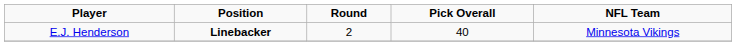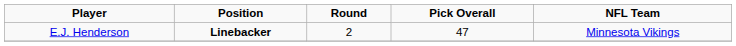 <table class="wikitable" width="80%">
 <tr align="center">
 <td><strong>Player</strong></td>
 <td><strong>Position</strong></td>
 <td><strong>Round</strong></td>
 <td><strong>Pick Overall</strong></td>
 <td><strong>NFL Team</strong></td>
 </tr>
 <tr align="center" bgcolor="">
 <td><a href='#'>E.J. Henderson</a></td>
 <td><strong>Linebacker</strong></td>
 <td>2</td>
-<td>40</td>
+<td>47</td>
 <td><a href='#'>Minnesota Vikings</a></td>
 </tr>
 <tr align="center" bgcolor="">
 </tr>
 </table>
